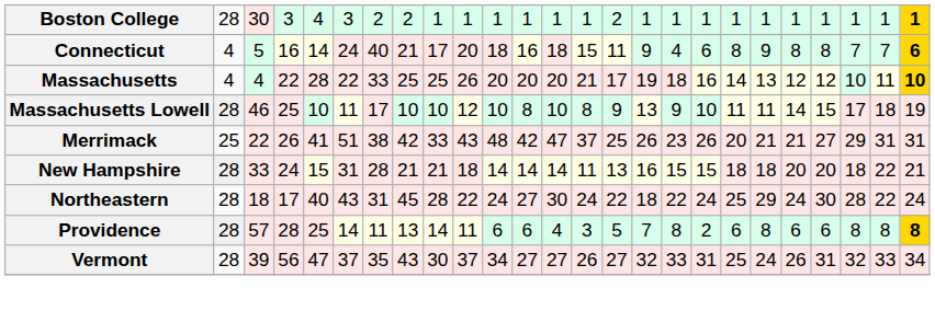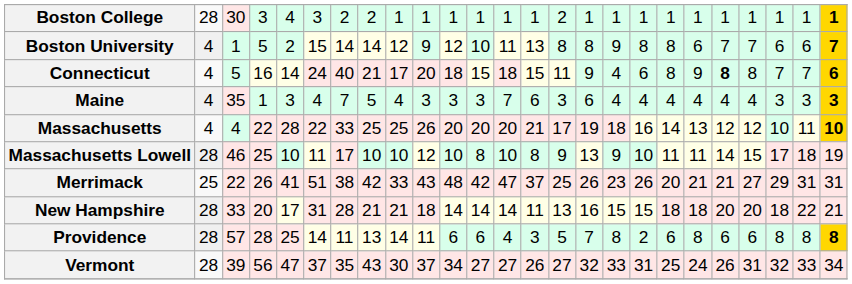 <table class="wikitable sortable" style="text-align: center;">
 <tr>
 </tr>
 <tr>
 <th>Boston College</th>
 <td>28</td>
 <td bgcolor=FFE6E6>30</td>
 <td bgcolor=D8FFEB>3</td>
 <td bgcolor=D8FFEB>4</td>
 <td bgcolor=D8FFEB>3</td>
 <td bgcolor=D8FFEB>2</td>
 <td bgcolor=D8FFEB>2</td>
 <td bgcolor=D8FFEB>1</td>
 <td bgcolor=D8FFEB>1</td>
 <td bgcolor=D8FFEB>1</td>
 <td bgcolor=D8FFEB>1</td>
 <td bgcolor=D8FFEB>1</td>
 <td bgcolor=D8FFEB>1</td>
 <td bgcolor=D8FFEB>2</td>
 <td bgcolor=D8FFEB>1</td>
 <td bgcolor=D8FFEB>1</td>
 <td bgcolor=D8FFEB>1</td>
 <td bgcolor=D8FFEB>1</td>
 <td bgcolor=D8FFEB>1</td>
 <td bgcolor=D8FFEB>1</td>
 <td bgcolor=D8FFEB>1</td>
 <td bgcolor=D8FFEB>1</td>
 <td bgcolor=D8FFEB>1</td>
 <td bgcolor=gold><strong>1</strong></td>
 </tr>
+<tr bgcolor=f0f0f0>
+<th>Boston University</th>
+<td>4</td>
+<td bgcolor=D8FFEB>1</td>
+<td bgcolor=D8FFEB>5</td>
+<td bgcolor=D8FFEB>2</td>
+<td bgcolor=FFFFE6>15</td>
+<td bgcolor=FFFFE6>14</td>
+<td bgcolor=FFFFE6>14</td>
+<td bgcolor=FFFFE6>12</td>
+<td bgcolor=D8FFEB>9</td>
+<td bgcolor=FFFFE6>12</td>
+<td bgcolor=D8FFEB>10</td>
+<td bgcolor=FFFFE6>11</td>
+<td bgcolor=FFFFE6>13</td>
+<td bgcolor=D8FFEB>8</td>
+<td bgcolor=D8FFEB>8</td>
+<td bgcolor=D8FFEB>9</td>
+<td bgcolor=D8FFEB>8</td>
+<td bgcolor=D8FFEB>8</td>
+<td bgcolor=D8FFEB>6</td>
+<td bgcolor=D8FFEB>7</td>
+<td bgcolor=D8FFEB>7</td>
+<td bgcolor=D8FFEB>6</td>
+<td bgcolor=D8FFEB>6</td>
+<td bgcolor=gold><strong>7</strong></td>
+</tr>
 <tr>
 <th>Connecticut</th>
 <td>4</td>
 <td bgcolor=D8FFEB>5</td>
 <td bgcolor=FFFFE6>16</td>
 <td bgcolor=FFFFE6>14</td>
 <td bgcolor=FFE6E6>24</td>
 <td bgcolor=FFE6E6>40</td>
 <td bgcolor=FFE6E6>21</td>
 <td bgcolor=FFE6E6>17</td>
 <td bgcolor=FFE6E6>20</td>
 <td bgcolor=FFE6E6>18</td>
-<td bgcolor=FFFFE6>16</td>
+<td bgcolor=FFFFE6>15</td>
 <td bgcolor=FFE6E6>18</td>
 <td bgcolor=FFFFE6>15</td>
 <td bgcolor=FFFFE6>11</td>
 <td bgcolor=D8FFEB>9</td>
 <td bgcolor=D8FFEB>4</td>
 <td bgcolor=D8FFEB>6</td>
 <td bgcolor=D8FFEB>8</td>
 <td bgcolor=D8FFEB>9</td>
-<td bgcolor=D8FFEB>8</td>
+<td bgcolor=D8FFEB><strong>8</strong></td>
 <td bgcolor=D8FFEB>8</td>
 <td bgcolor=D8FFEB>7</td>
 <td bgcolor=D8FFEB>7</td>
 <td bgcolor=gold><strong>6</strong></td>
+</tr>
+<tr bgcolor=f0f0f0>
+<th>Maine</th>
+<td>4</td>
+<td bgcolor=FFE6E6>35</td>
+<td bgcolor=D8FFEB>1</td>
+<td bgcolor=D8FFEB>3</td>
+<td bgcolor=D8FFEB>4</td>
+<td bgcolor=D8FFEB>7</td>
+<td bgcolor=D8FFEB>5</td>
+<td bgcolor=D8FFEB>4</td>
+<td bgcolor=D8FFEB>3</td>
+<td bgcolor=D8FFEB>3</td>
+<td bgcolor=D8FFEB>3</td>
+<td bgcolor=D8FFEB>7</td>
+<td bgcolor=D8FFEB>6</td>
+<td bgcolor=D8FFEB>3</td>
+<td bgcolor=D8FFEB>6</td>
+<td bgcolor=D8FFEB>4</td>
+<td bgcolor=D8FFEB>4</td>
+<td bgcolor=D8FFEB>4</td>
+<td bgcolor=D8FFEB>4</td>
+<td bgcolor=D8FFEB>4</td>
+<td bgcolor=D8FFEB>4</td>
+<td bgcolor=D8FFEB>3</td>
+<td bgcolor=D8FFEB>3</td>
+<td bgcolor=gold><strong>3</strong></td>
 </tr>
 <tr>
 <th>Massachusetts</th>
 <td>4</td>
 <td bgcolor=D8FFEB>4</td>
 <td bgcolor=FFE6E6>22</td>
 <td bgcolor=FFE6E6>28</td>
 <td bgcolor=FFE6E6>22</td>
 <td bgcolor=FFE6E6>33</td>
 <td bgcolor=FFE6E6>25</td>
 <td bgcolor=FFE6E6>25</td>
 <td bgcolor=FFE6E6>26</td>
 <td bgcolor=FFE6E6>20</td>
 <td bgcolor=FFE6E6>20</td>
 <td bgcolor=FFE6E6>20</td>
 <td bgcolor=FFE6E6>21</td>
 <td bgcolor=FFE6E6>17</td>
 <td bgcolor=FFE6E6>19</td>
 <td bgcolor=FFE6E6>18</td>
 <td bgcolor=FFFFE6>16</td>
 <td bgcolor=FFFFE6>14</td>
 <td bgcolor=FFFFE6>13</td>
 <td bgcolor=FFFFE6>12</td>
 <td bgcolor=FFFFE6>12</td>
 <td bgcolor=D8FFEB>10</td>
 <td bgcolor=FFFFE6>11</td>
 <td bgcolor=gold><strong>10</strong></td>
 </tr>
 <tr bgcolor=f0f0f0>
 <th>Massachusetts Lowell</th>
 <td>28</td>
 <td bgcolor=FFE6E6>46</td>
 <td bgcolor=FFE6E6>25</td>
 <td bgcolor=D8FFEB>10</td>
 <td bgcolor=FFFFE6>11</td>
 <td bgcolor=FFE6E6>17</td>
 <td bgcolor=D8FFEB>10</td>
 <td bgcolor=D8FFEB>10</td>
 <td bgcolor=FFFFE6>12</td>
 <td bgcolor=D8FFEB>10</td>
 <td bgcolor=D8FFEB>8</td>
 <td bgcolor=D8FFEB>10</td>
 <td bgcolor=D8FFEB>8</td>
 <td bgcolor=D8FFEB>9</td>
 <td bgcolor=FFFFE6>13</td>
 <td bgcolor=D8FFEB>9</td>
 <td bgcolor=D8FFEB>10</td>
 <td bgcolor=FFFFE6>11</td>
 <td bgcolor=FFFFE6>11</td>
 <td bgcolor=FFFFE6>14</td>
 <td bgcolor=FFFFE6>15</td>
 <td bgcolor=FFE6E6>17</td>
 <td bgcolor=FFE6E6>18</td>
 <td bgcolor=FFE6E6>19</td>
 </tr>
 <tr>
 <th>Merrimack</th>
 <td>25</td>
 <td bgcolor=FFE6E6>22</td>
 <td bgcolor=FFE6E6>26</td>
 <td bgcolor=FFE6E6>41</td>
 <td bgcolor=FFE6E6>51</td>
 <td bgcolor=FFE6E6>38</td>
 <td bgcolor=FFE6E6>42</td>
 <td bgcolor=FFE6E6>33</td>
 <td bgcolor=FFE6E6>43</td>
 <td bgcolor=FFE6E6>48</td>
 <td bgcolor=FFE6E6>42</td>
 <td bgcolor=FFE6E6>47</td>
 <td bgcolor=FFE6E6>37</td>
 <td bgcolor=FFE6E6>25</td>
 <td bgcolor=FFE6E6>26</td>
 <td bgcolor=FFE6E6>23</td>
 <td bgcolor=FFE6E6>26</td>
 <td bgcolor=FFE6E6>20</td>
 <td bgcolor=FFE6E6>21</td>
 <td bgcolor=FFE6E6>21</td>
 <td bgcolor=FFE6E6>27</td>
 <td bgcolor=FFE6E6>29</td>
 <td bgcolor=FFE6E6>31</td>
 <td bgcolor=FFE6E6>31</td>
 </tr>
 <tr bgcolor=f0f0f0>
 <th>New Hampshire</th>
 <td>28</td>
 <td bgcolor=FFE6E6>33</td>
-<td bgcolor=FFE6E6>24</td>
-<td bgcolor=FFFFE6>15</td>
+<td bgcolor=FFE6E6>20</td>
+<td bgcolor=FFFFE6>17</td>
 <td bgcolor=FFE6E6>31</td>
 <td bgcolor=FFE6E6>28</td>
 <td bgcolor=FFE6E6>21</td>
 <td bgcolor=FFE6E6>21</td>
 <td bgcolor=FFE6E6>18</td>
 <td bgcolor=FFFFE6>14</td>
 <td bgcolor=FFFFE6>14</td>
 <td bgcolor=FFFFE6>14</td>
 <td bgcolor=FFFFE6>11</td>
 <td bgcolor=FFFFE6>13</td>
 <td bgcolor=FFFFE6>16</td>
 <td bgcolor=FFFFE6>15</td>
 <td bgcolor=FFFFE6>15</td>
 <td bgcolor=FFE6E6>18</td>
 <td bgcolor=FFE6E6>18</td>
 <td bgcolor=FFE6E6>20</td>
 <td bgcolor=FFE6E6>20</td>
 <td bgcolor=FFE6E6>18</td>
 <td bgcolor=FFE6E6>22</td>
 <td bgcolor=FFE6E6>21</td>
-</tr>
-<tr>
-<th>Northeastern</th>
-<td>28</td>
-<td bgcolor=FFE6E6>18</td>
-<td bgcolor=FFE6E6>17</td>
-<td bgcolor=FFE6E6>40</td>
-<td bgcolor=FFE6E6>43</td>
-<td bgcolor=FFE6E6>31</td>
-<td bgcolor=FFE6E6>45</td>
-<td bgcolor=FFE6E6>28</td>
-<td bgcolor=FFE6E6>22</td>
-<td bgcolor=FFE6E6>24</td>
-<td bgcolor=FFE6E6>27</td>
-<td bgcolor=FFE6E6>30</td>
-<td bgcolor=FFE6E6>24</td>
-<td bgcolor=FFE6E6>22</td>
-<td bgcolor=FFE6E6>18</td>
-<td bgcolor=FFE6E6>22</td>
-<td bgcolor=FFE6E6>24</td>
-<td bgcolor=FFE6E6>25</td>
-<td bgcolor=FFE6E6>29</td>
-<td bgcolor=FFE6E6>24</td>
-<td bgcolor=FFE6E6>30</td>
-<td bgcolor=FFE6E6>28</td>
-<td bgcolor=FFE6E6>22</td>
-<td bgcolor=FFE6E6>24</td>
 </tr>
 <tr bgcolor=f0f0f0>
 <th>Providence</th>
 <td>28</td>
 <td bgcolor=FFE6E6>57</td>
 <td bgcolor=FFE6E6>28</td>
 <td bgcolor=FFE6E6>25</td>
 <td bgcolor=FFFFE6>14</td>
 <td bgcolor=FFFFE6>11</td>
 <td bgcolor=FFFFE6>13</td>
 <td bgcolor=FFFFE6>14</td>
 <td bgcolor=FFFFE6>11</td>
 <td bgcolor=D8FFEB>6</td>
 <td bgcolor=D8FFEB>6</td>
 <td bgcolor=D8FFEB>4</td>
 <td bgcolor=D8FFEB>3</td>
 <td bgcolor=D8FFEB>5</td>
 <td bgcolor=D8FFEB>7</td>
 <td bgcolor=D8FFEB>8</td>
 <td bgcolor=D8FFEB>2</td>
 <td bgcolor=D8FFEB>6</td>
 <td bgcolor=D8FFEB>8</td>
 <td bgcolor=D8FFEB>6</td>
 <td bgcolor=D8FFEB>6</td>
 <td bgcolor=D8FFEB>8</td>
 <td bgcolor=D8FFEB>8</td>
 <td bgcolor=gold><strong>8</strong></td>
 </tr>
 <tr>
 <th>Vermont</th>
 <td>28</td>
 <td bgcolor=FFE6E6>39</td>
 <td bgcolor=FFE6E6>56</td>
 <td bgcolor=FFE6E6>47</td>
 <td bgcolor=FFE6E6>37</td>
 <td bgcolor=FFE6E6>35</td>
 <td bgcolor=FFE6E6>43</td>
 <td bgcolor=FFE6E6>30</td>
 <td bgcolor=FFE6E6>37</td>
 <td bgcolor=FFE6E6>34</td>
 <td bgcolor=FFE6E6>27</td>
 <td bgcolor=FFE6E6>27</td>
 <td bgcolor=FFE6E6>26</td>
 <td bgcolor=FFE6E6>27</td>
 <td bgcolor=FFE6E6>32</td>
 <td bgcolor=FFE6E6>33</td>
 <td bgcolor=FFE6E6>31</td>
 <td bgcolor=FFE6E6>25</td>
 <td bgcolor=FFE6E6>24</td>
 <td bgcolor=FFE6E6>26</td>
 <td bgcolor=FFE6E6>31</td>
 <td bgcolor=FFE6E6>32</td>
 <td bgcolor=FFE6E6>33</td>
 <td bgcolor=FFE6E6>34</td>
 </tr>
 <tr>
 </tr>
 </table>
